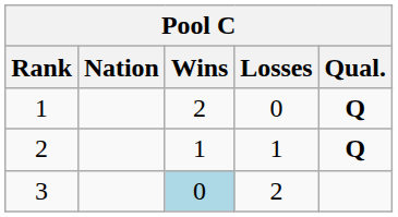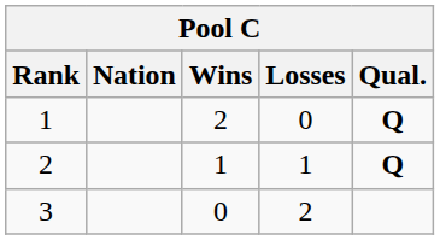 <table class="wikitable" style="text-align:center">
 <tr>
 <th colspan=5 align=center><strong>Pool C</strong></th>
 </tr>
 <tr>
 <th>Rank</th>
 <th>Nation</th>
 <th>Wins</th>
 <th>Losses</th>
 <th>Qual.</th>
 </tr>
 <tr>
 <td>1</td>
 <td align=left></td>
 <td>2</td>
 <td>0</td>
 <td><strong>Q</strong></td>
 </tr>
 <tr>
 <td>2</td>
 <td align=left></td>
 <td>1</td>
 <td>1</td>
 <td><strong>Q</strong></td>
 </tr>
 <tr>
 <td>3</td>
 <td align=left></td>
-<td style="background: lightblue;">0</td>
+<td>0</td>
 <td>2</td>
 <td></td>
 </tr>
 </table>
